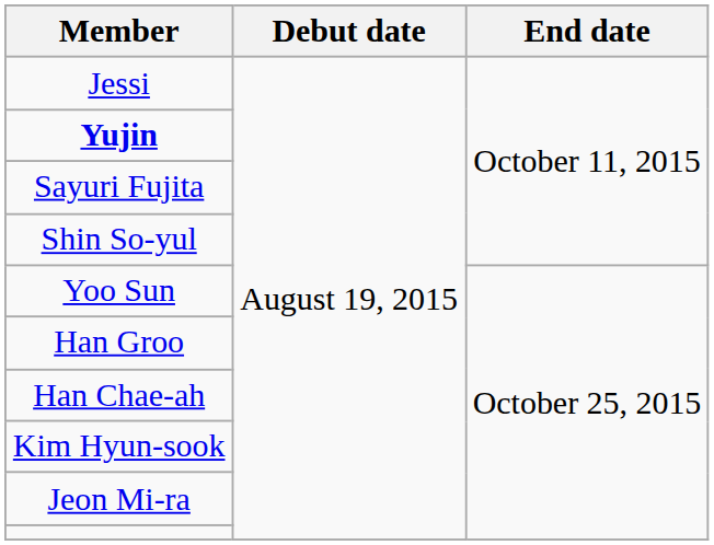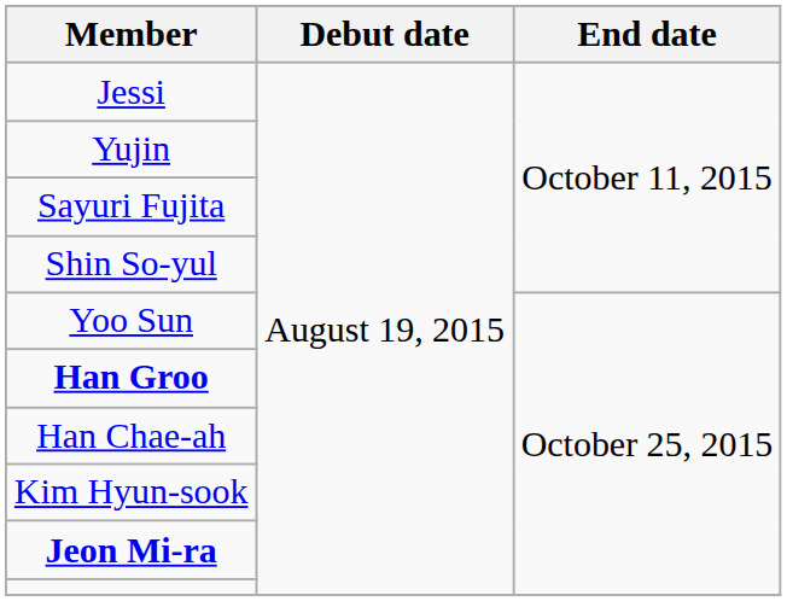 <table class="wikitable" style="text-align:center;">
 <tr>
 <th>Member</th>
 <th>Debut date</th>
 <th>End date</th>
 </tr>
 <tr>
 <td><a href='#'>Jessi</a></td>
 <td rowspan=10>August 19, 2015</td>
 <td rowspan=4>October 11, 2015</td>
 </tr>
 <tr>
-<td><strong><a href='#'>Yujin</a></strong></td>
+<td><a href='#'>Yujin</a></td>
 </tr>
 <tr>
 <td><a href='#'>Sayuri Fujita</a></td>
 </tr>
 <tr>
 <td><a href='#'>Shin So-yul</a></td>
 </tr>
 <tr>
 <td><a href='#'>Yoo Sun</a></td>
 <td rowspan=6>October 25, 2015</td>
 </tr>
 <tr>
-<td><a href='#'>Han Groo</a></td>
+<td><strong><a href='#'>Han Groo</a></strong></td>
 </tr>
 <tr>
 <td><a href='#'>Han Chae-ah</a></td>
 </tr>
 <tr>
 <td><a href='#'>Kim Hyun-sook</a></td>
 </tr>
 <tr>
-<td><a href='#'>Jeon Mi-ra</a></td>
+<td><strong><a href='#'>Jeon Mi-ra</a></strong></td>
 </tr>
 <tr>
 <td></td>
 </tr>
 </table>
